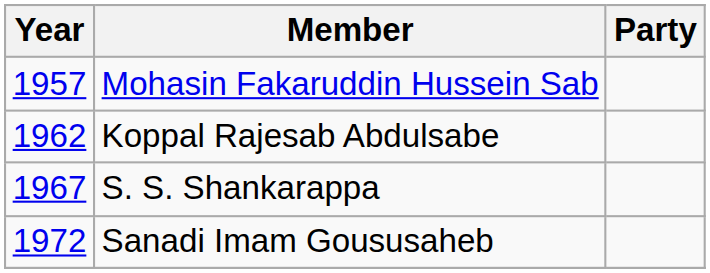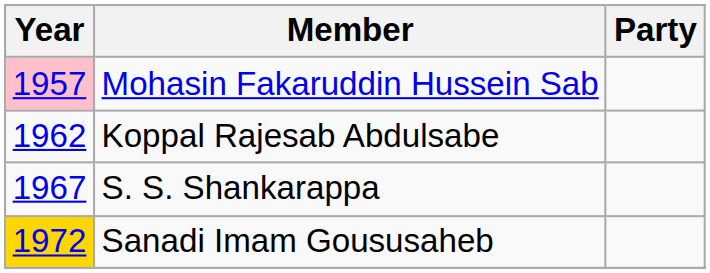 <table class="wikitable sortable">
 <tr>
 <th>Year</th>
 <th>Member</th>
 <th colspan="2">Party</th>
 </tr>
 <tr>
-<td><a href='#'>1957</a></td>
+<td style="background: pink;"><a href='#'>1957</a></td>
 <td><a href='#'>Mohasin Fakaruddin Hussein Sab</a></td>
 <td></td>
 </tr>
 <tr>
 <td><a href='#'>1962</a></td>
 <td>Koppal Rajesab Abdulsabe</td>
 </tr>
 <tr>
 <td><a href='#'>1967</a></td>
 <td>S. S. Shankarappa</td>
 <td></td>
 </tr>
 <tr>
-<td><a href='#'>1972</a></td>
+<td style="background: gold;"><a href='#'>1972</a></td>
 <td>Sanadi Imam Goususaheb</td>
 <td></td>
 </tr>
 <tr>
 </tr>
 </table>
